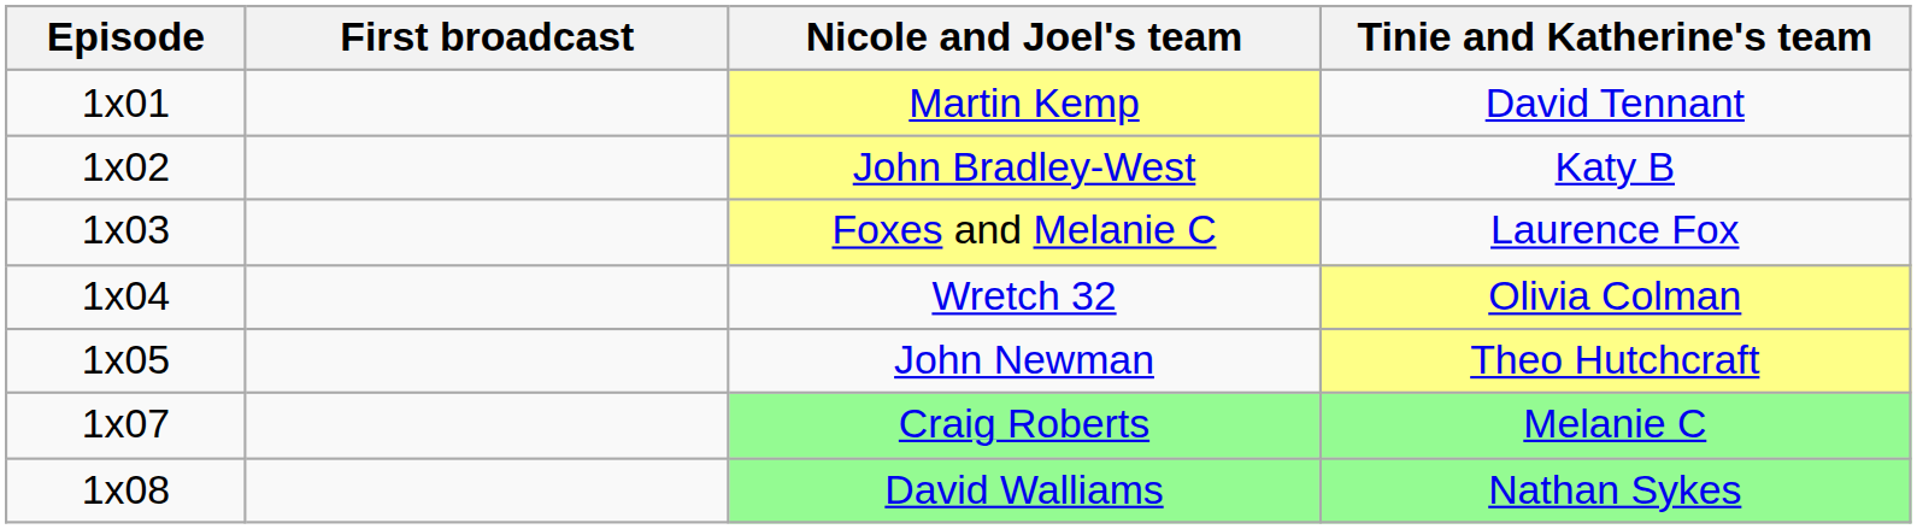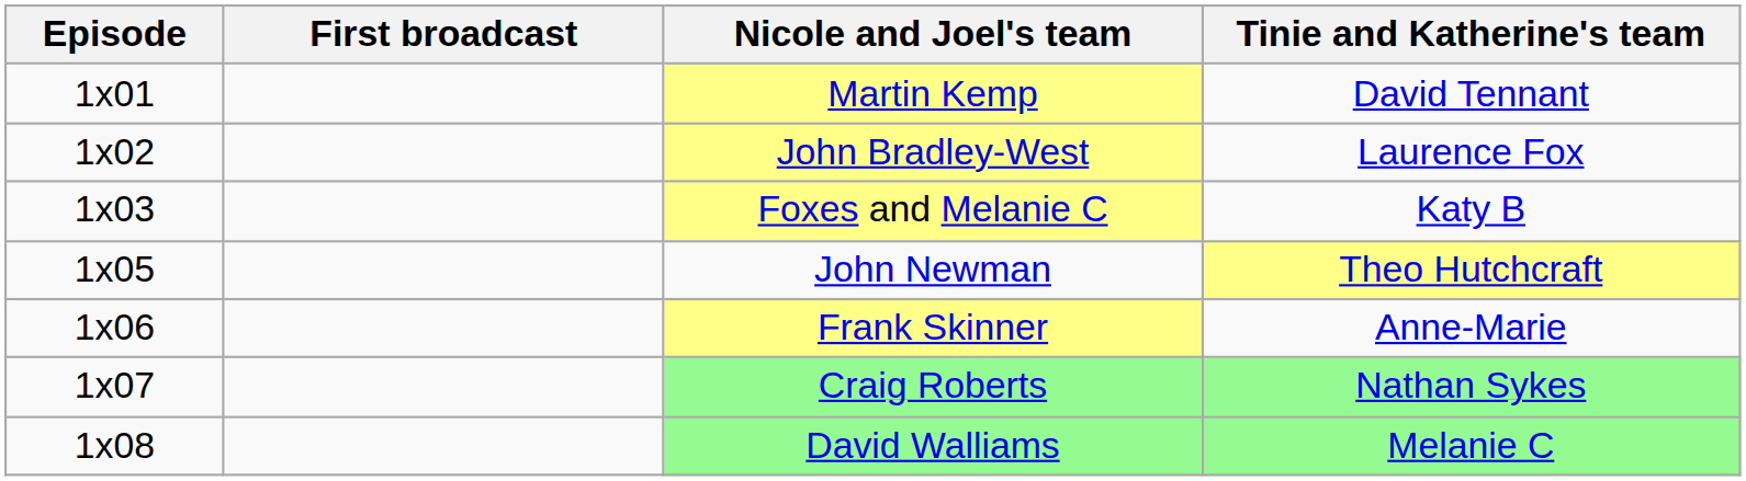 <table class="wikitable" width="750px" style="text-align:center;">
 <tr>
 <th width="8%">Episode</th>
 <th width="18%">First broadcast</th>
 <th width="22%">Nicole and Joel's team</th>
 <th width="22%">Tinie and Katherine's team</th>
 </tr>
 <tr>
 <td>1x01</td>
 <td></td>
 <td style='background: #feff87'><a href='#'>Martin Kemp</a></td>
 <td><a href='#'>David Tennant</a></td>
 </tr>
 <tr>
 <td>1x02</td>
 <td></td>
 <td style='background: #feff87'><a href='#'>John Bradley-West</a></td>
-<td><a href='#'>Katy B</a></td>
+<td><a href='#'>Laurence Fox</a></td>
 </tr>
 <tr>
 <td>1x03</td>
 <td></td>
 <td style='background: #feff87'><a href='#'>Foxes</a> and <a href='#'>Melanie C</a></td>
-<td><a href='#'>Laurence Fox</a></td>
-</tr>
-<tr>
-<td>1x04</td>
-<td></td>
-<td><a href='#'>Wretch 32</a></td>
-<td style='background: #feff87'><a href='#'>Olivia Colman</a></td>
+<td><a href='#'>Katy B</a></td>
 </tr>
 <tr>
 <td>1x05</td>
 <td></td>
 <td><a href='#'>John Newman</a></td>
 <td style='background: #feff87'><a href='#'>Theo Hutchcraft</a></td>
 </tr>
 <tr>
+<td>1x06</td>
+<td></td>
+<td style='background: #feff87'><a href='#'>Frank Skinner</a></td>
+<td><a href='#'>Anne-Marie</a></td>
+</tr>
+<tr>
 <td>1x07</td>
 <td></td>
 <td style='background: #94fb92'><a href='#'>Craig Roberts</a></td>
-<td style='background: #94fb92'><a href='#'>Melanie C</a></td>
+<td style='background: #94fb92'><a href='#'>Nathan Sykes</a></td>
 </tr>
 <tr>
 <td>1x08</td>
 <td></td>
 <td style='background: #94fb92'><a href='#'>David Walliams</a></td>
-<td style='background: #94fb92'><a href='#'>Nathan Sykes</a></td>
+<td style='background: #94fb92'><a href='#'>Melanie C</a></td>
 </tr>
 </table>
